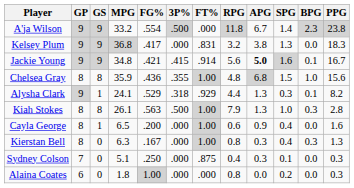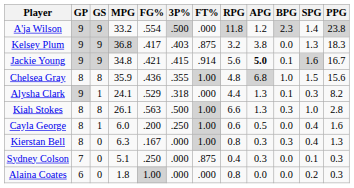 <table class="wikitable sortable" style="text-align:center;">
 <tr>
 <th>Player</th>
 <th>GP</th>
 <th>GS</th>
 <th>MPG</th>
 <th>FG%</th>
 <th>3P%</th>
 <th>FT%</th>
 <th>RPG</th>
 <th>APG</th>
+<th>BPG</th>
 <th>SPG</th>
-<th>BPG</th>
 <th>PPG</th>
 </tr>
 <tr>
 <td><a href='#'>A'ja Wilson</a></td>
 <td style="background:#D3D3D3;">9</td>
 <td style="background:#D3D3D3;">9</td>
 <td>33.2</td>
 <td>.554</td>
 <td style="background:#D3D3D3;">.500</td>
 <td>.000</td>
 <td style="background:#D3D3D3;">11.8</td>
-<td>6.7</td>
+<td>1.2</td>
+<td style="background:#D3D3D3;">2.3</td>
 <td>1.4</td>
-<td style="background:#D3D3D3;">2.3</td>
 <td style="background:#D3D3D3;">23.8</td>
 </tr>
 <tr>
 <td><a href='#'>Kelsey Plum</a></td>
 <td style="background:#D3D3D3;">9</td>
 <td style="background:#D3D3D3;">9</td>
 <td style="background:#D3D3D3;">36.8</td>
 <td>.417</td>
-<td>.000</td>
-<td>.831</td>
+<td>.403</td>
+<td>.875</td>
 <td>3.2</td>
 <td>3.8</td>
+<td>0.0</td>
 <td>1.3</td>
-<td>0.0</td>
 <td>18.3</td>
 </tr>
 <tr>
 <td><a href='#'>Jackie Young</a></td>
 <td style="background:#D3D3D3;">9</td>
 <td style="background:#D3D3D3;">9</td>
 <td>34.8</td>
 <td>.421</td>
 <td>.415</td>
 <td>.914</td>
 <td>5.6</td>
 <td><strong>5.0</strong></td>
+<td>0.1</td>
 <td style="background:#D3D3D3;">1.6</td>
-<td>0.1</td>
 <td>16.7</td>
 </tr>
 <tr>
 <td><a href='#'>Chelsea Gray</a></td>
 <td>8</td>
 <td>8</td>
 <td>35.9</td>
 <td>.436</td>
 <td>.355</td>
 <td style="background:#D3D3D3;">1.00</td>
 <td>4.8</td>
 <td style="background:#D3D3D3;">6.8</td>
+<td>1.0</td>
 <td>1.5</td>
-<td>1.0</td>
 <td>15.6</td>
 </tr>
 <tr>
 <td><a href='#'>Alysha Clark</a></td>
 <td style="background:#D3D3D3;">9</td>
 <td>1</td>
 <td>24.1</td>
 <td>.529</td>
 <td>.318</td>
-<td>.929</td>
+<td>.000</td>
 <td>4.4</td>
 <td>1.3</td>
+<td>0.1</td>
 <td>0.3</td>
-<td>0.1</td>
 <td>8.2</td>
 </tr>
 <tr>
 <td><a href='#'>Kiah Stokes</a></td>
 <td>8</td>
 <td>8</td>
 <td>26.1</td>
 <td>.563</td>
 <td>.500</td>
 <td style="background:#D3D3D3;">1.00</td>
-<td>7.9</td>
+<td>6.6</td>
 <td>1.3</td>
+<td>0.3</td>
 <td>1.0</td>
-<td>0.3</td>
 <td>2.8</td>
 </tr>
 <tr>
 <td><a href='#'>Cayla George</a></td>
 <td>8</td>
 <td>1</td>
-<td>6.5</td>
+<td>6.0</td>
 <td>.200</td>
-<td>.000</td>
+<td>.250</td>
 <td style="background:#D3D3D3;">1.00</td>
 <td>0.6</td>
-<td>0.9</td>
+<td>0.5</td>
+<td>0.0</td>
 <td>0.4</td>
-<td>0.0</td>
 <td>1.6</td>
 </tr>
 <tr>
 <td><a href='#'>Kierstan Bell</a></td>
 <td>8</td>
 <td>0</td>
 <td>6.3</td>
 <td>.167</td>
 <td>.000</td>
 <td style="background:#D3D3D3;">1.00</td>
 <td>0.8</td>
 <td>0.3</td>
+<td>0.3</td>
 <td>0.4</td>
-<td>0.3</td>
 <td>1.3</td>
 </tr>
 <tr>
 <td><a href='#'>Sydney Colson</a></td>
 <td>7</td>
 <td>0</td>
 <td>5.1</td>
 <td>.250</td>
 <td>.000</td>
 <td>.875</td>
 <td>0.4</td>
 <td>0.3</td>
+<td>0.0</td>
 <td>0.1</td>
-<td>0.0</td>
 <td>0.3</td>
 </tr>
 <tr>
 <td><a href='#'>Alaina Coates</a></td>
 <td>6</td>
 <td>0</td>
 <td>1.8</td>
 <td style="background:#D3D3D3;">1.00</td>
 <td>.000</td>
 <td>.000</td>
 <td>0.8</td>
 <td>0.0</td>
+<td>0.0</td>
 <td>0.2</td>
-<td>0.0</td>
 <td>0.3</td>
 </tr>
 </table>
